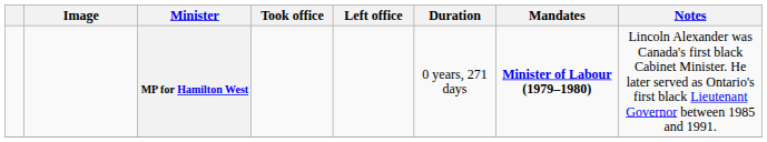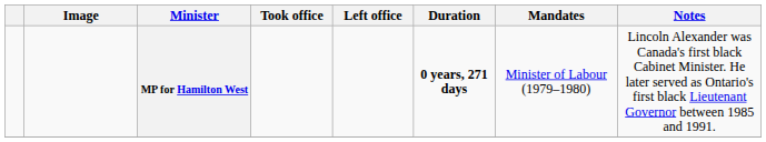 <table class="wikitable sortable plainrowheaders" style="text-align: center;">
 <tr>
 <th scope="col" class=unsortable></th>
 <th scope="col" class=unsortable>Image</th>
 <th scope="col"><a href='#'>Minister</a></th>
 <th scope="col" width=90px>Took office</th>
 <th scope="col" width=90px>Left office</th>
 <th scope="col" width=90px>Duration</th>
 <th scope="col" width=140px>Mandates</th>
 <th scope="col" width=165px><a href='#'>Notes</a></th>
 </tr>
 <tr>
 <td style="background: "></td>
 <td style="width:15%;"></td>
 <th scope="row" style="text-align:center; width:15%;"><br><small>MP for <a href='#'>Hamilton West</a></small></th>
 <td></td>
 <td></td>
-<td>0 years, 271 days</td>
-<td><strong><a href='#'>Minister of Labour</a> (1979–1980) <br></strong></td>
+<td><strong>0 years, 271 days</strong></td>
+<td><a href='#'>Minister of Labour</a> (1979–1980) <br></td>
 <td>Lincoln Alexander was Canada's first black Cabinet Minister. He later served as Ontario's first black <a href='#'>Lieutenant Governor</a> between 1985 and 1991.</td>
 </tr>
 <tr>
 </tr>
 </table>
